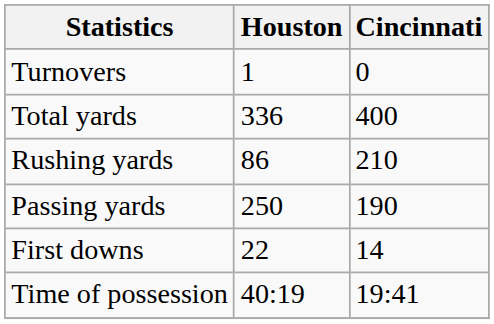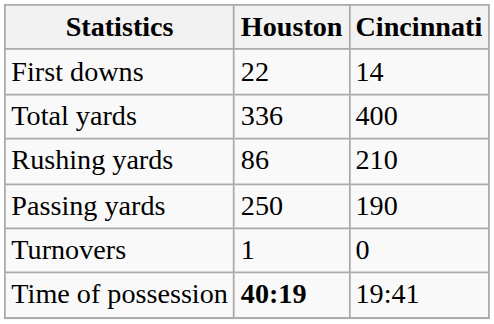 <table class="wikitable">
 <tr>
 <th>Statistics</th>
 <th>Houston</th>
 <th>Cincinnati</th>
 </tr>
 <tr>
-<td>Turnovers</td>
-<td>1</td>
-<td>0</td>
+<td>First downs</td>
+<td>22</td>
+<td>14</td>
 </tr>
 <tr>
 <td>Total yards</td>
 <td>336</td>
 <td>400</td>
 </tr>
 <tr>
 <td>Rushing yards</td>
 <td>86</td>
 <td>210</td>
 </tr>
 <tr>
 <td>Passing yards</td>
 <td>250</td>
 <td>190</td>
 </tr>
 <tr>
-<td>First downs</td>
-<td>22</td>
-<td>14</td>
+<td>Turnovers</td>
+<td>1</td>
+<td>0</td>
 </tr>
 <tr>
 <td>Time of possession</td>
-<td>40:19</td>
+<td><strong>40:19</strong></td>
 <td>19:41</td>
 </tr>
 <tr>
 </tr>
 </table>
